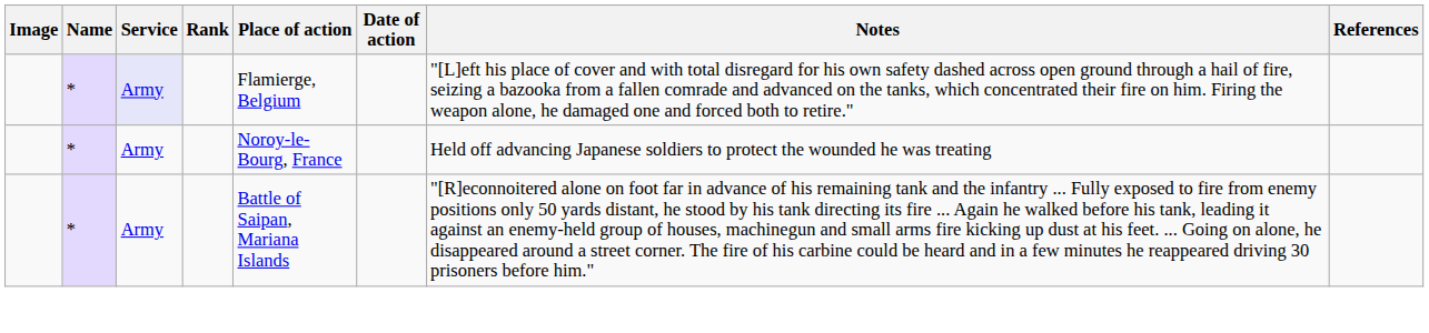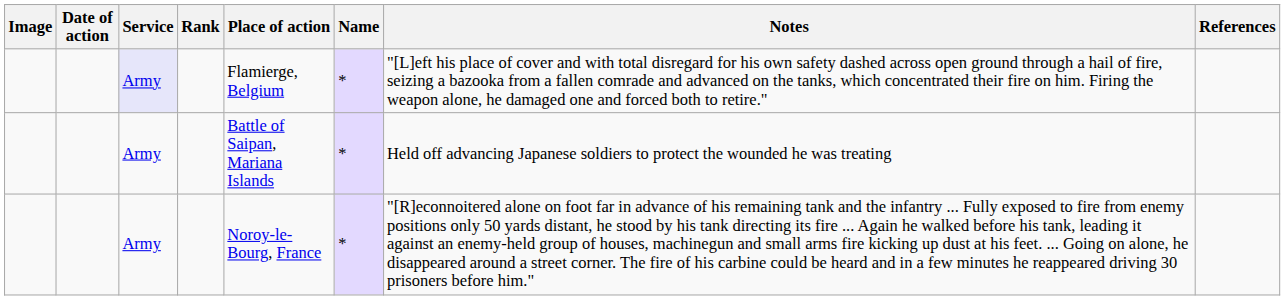 <table class="wikitable sortable" width="98%">
 <tr>
 <th class="unsortable">Image</th>
-<th>Name</th>
+<th>Date of action</th>
 <th>Service</th>
 <th>Rank</th>
 <th>Place of action</th>
-<th>Date of action</th>
+<th>Name</th>
 <th class="unsortable">Notes</th>
 <th class="unsortable">References</th>
 </tr>
 <tr>
 <td></td>
-<td style="background:#e3d9ff;">*</td>
+<td></td>
 <td style="background: lavender;"><a href='#'>Army</a></td>
 <td></td>
 <td>Flamierge, <a href='#'>Belgium</a></td>
-<td></td>
+<td style="background:#e3d9ff;">*</td>
 <td>"[L]eft his place of cover and with total disregard for his own safety dashed across open ground through a hail of fire, seizing a bazooka from a fallen comrade and advanced on the tanks, which concentrated their fire on him. Firing the weapon alone, he damaged one and forced both to retire."</td>
 <td></td>
 </tr>
 <tr>
 <td></td>
-<td style="background:#e3d9ff;">*</td>
+<td></td>
 <td><a href='#'>Army</a></td>
 <td></td>
-<td><a href='#'>Noroy-le-Bourg</a>, <a href='#'>France</a></td>
-<td></td>
+<td><a href='#'>Battle of Saipan</a>, <a href='#'>Mariana Islands</a></td>
+<td style="background:#e3d9ff;">*</td>
 <td>Held off advancing Japanese soldiers to protect the wounded he was treating</td>
 <td></td>
 </tr>
 <tr>
 <td></td>
-<td style="background:#e3d9ff;">*</td>
+<td></td>
 <td><a href='#'>Army</a></td>
 <td></td>
-<td><a href='#'>Battle of Saipan</a>, <a href='#'>Mariana Islands</a></td>
-<td></td>
+<td><a href='#'>Noroy-le-Bourg</a>, <a href='#'>France</a></td>
+<td style="background:#e3d9ff;">*</td>
 <td>"[R]econnoitered alone on foot far in advance of his remaining tank and the infantry ... Fully exposed to fire from enemy positions only 50 yards distant, he stood by his tank directing its fire ... Again he walked before his tank, leading it against an enemy-held group of houses, machinegun and small arms fire kicking up dust at his feet. ... Going on alone, he disappeared around a street corner. The fire of his carbine could be heard and in a few minutes he reappeared driving 30 prisoners before him."</td>
 <td></td>
 </tr>
 </table>
